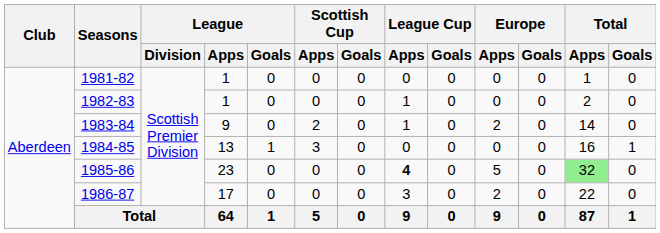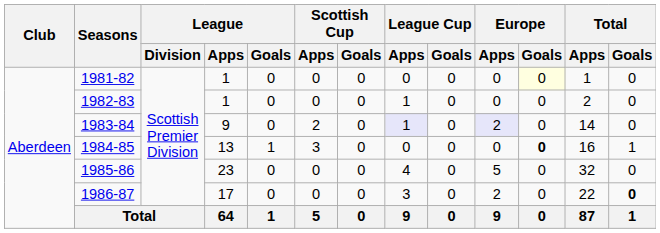 <table class="wikitable" style="text-align:center">
 <tr>
 <th rowspan="2">Club</th>
 <th rowspan="2">Seasons</th>
 <th colspan="3">League</th>
 <th colspan="2">Scottish Cup</th>
 <th colspan="2">League Cup</th>
 <th colspan="2">Europe</th>
 <th colspan="2">Total</th>
 </tr>
 <tr>
 <th>Division</th>
 <th>Apps</th>
 <th>Goals</th>
 <th>Apps</th>
 <th>Goals</th>
 <th>Apps</th>
 <th>Goals</th>
 <th>Apps</th>
 <th>Goals</th>
 <th>Apps</th>
 <th>Goals</th>
 </tr>
 <tr>
 <td rowspan="7"><a href='#'>Aberdeen</a></td>
 <td><a href='#'>1981-82</a></td>
 <td rowspan="6"><a href='#'>Scottish Premier Division</a></td>
 <td>1</td>
 <td>0</td>
 <td>0</td>
 <td>0</td>
 <td>0</td>
 <td>0</td>
 <td>0</td>
-<td>0</td>
+<td style="background: lightyellow;">0</td>
 <td>1</td>
 <td>0</td>
 </tr>
 <tr>
 <td><a href='#'>1982-83</a></td>
 <td>1</td>
 <td>0</td>
 <td>0</td>
 <td>0</td>
 <td>1</td>
 <td>0</td>
 <td>0</td>
 <td>0</td>
 <td>2</td>
 <td>0</td>
 </tr>
 <tr>
 <td><a href='#'>1983-84</a></td>
 <td>9</td>
 <td>0</td>
 <td>2</td>
 <td>0</td>
-<td>1</td>
+<td style="background: lavender;">1</td>
 <td>0</td>
-<td>2</td>
+<td style="background: lavender;">2</td>
 <td>0</td>
 <td>14</td>
 <td>0</td>
 </tr>
 <tr>
 <td><a href='#'>1984-85</a></td>
 <td>13</td>
 <td>1</td>
 <td>3</td>
 <td>0</td>
 <td>0</td>
 <td>0</td>
 <td>0</td>
-<td>0</td>
+<td><strong>0</strong></td>
 <td>16</td>
 <td>1</td>
 </tr>
 <tr>
 <td><a href='#'>1985-86</a></td>
 <td>23</td>
 <td>0</td>
 <td>0</td>
 <td>0</td>
-<td><strong>4</strong></td>
+<td>4</td>
 <td>0</td>
 <td>5</td>
 <td>0</td>
-<td style="background: lightgreen;">32</td>
+<td>32</td>
 <td>0</td>
 </tr>
 <tr>
 <td><a href='#'>1986-87</a></td>
 <td>17</td>
 <td>0</td>
 <td>0</td>
 <td>0</td>
 <td>3</td>
 <td>0</td>
 <td>2</td>
 <td>0</td>
 <td>22</td>
-<td>0</td>
+<td><strong>0</strong></td>
 </tr>
 <tr>
 <th colspan="2">Total</th>
 <th>64</th>
 <th>1</th>
 <th>5</th>
 <th>0</th>
 <th>9</th>
 <th>0</th>
 <th>9</th>
 <th>0</th>
 <th>87</th>
 <th>1</th>
 </tr>
 </table>
